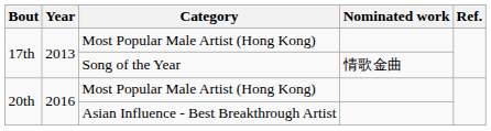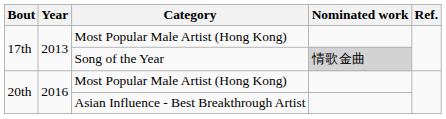 <table class="wikitable">
 <tr>
 <th>Bout</th>
 <th>Year</th>
 <th>Category</th>
 <th>Nominated work</th>
 <th>Ref.</th>
 </tr>
 <tr>
 <td rowspan=2>17th</td>
 <td rowspan=2>2013</td>
 <td>Most Popular Male Artist (Hong Kong)</td>
 <td></td>
 <td rowspan=2></td>
 </tr>
 <tr>
 <td>Song of the Year</td>
-<td>情歌金曲</td>
+<td style="background: lightgrey;">情歌金曲</td>
 </tr>
 <tr>
 <td rowspan=2>20th</td>
 <td rowspan=2>2016</td>
 <td>Most Popular Male Artist (Hong Kong)</td>
 <td></td>
 <td rowspan=2></td>
 </tr>
 <tr>
 <td>Asian Influence - Best Breakthrough Artist</td>
 <td></td>
 </tr>
 </table>
